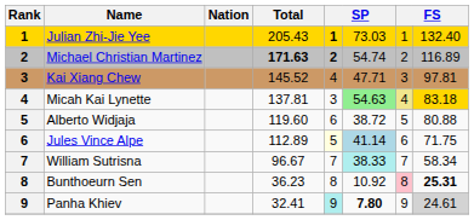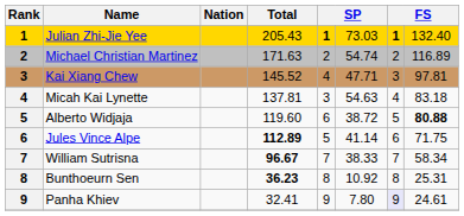 <table class="wikitable sortable">
 <tr>
 <th>Rank</th>
 <th>Name</th>
 <th>Nation</th>
 <th width="80px">Total</th>
 <th colspan="2" width="80px"><a href='#'>SP</a></th>
 <th colspan="2" width="80px"><a href='#'>FS</a></th>
 </tr>
 <tr bgcolor="gold">
 <td align="center"><strong>1</strong></td>
 <td><a href='#'>Julian Zhi-Jie Yee</a></td>
 <td></td>
 <td align="center">205.43</td>
 <td align="center"><strong>1</strong></td>
 <td align="center">73.03</td>
-<td align="center">1</td>
+<td align="center"><strong>1</strong></td>
 <td align="center">132.40</td>
 </tr>
 <tr bgcolor="silver">
 <td align="center"><strong>2</strong></td>
 <td><a href='#'>Michael Christian Martinez</a></td>
 <td></td>
-<td align="center"><strong>171.63</strong></td>
-<td align="center"><strong>2</strong></td>
+<td align="center">171.63</td>
+<td align="center">2</td>
 <td align="center">54.74</td>
 <td align="center">2</td>
 <td align="center">116.89</td>
 </tr>
 <tr bgcolor="cc9966">
 <td align="center"><strong>3</strong></td>
 <td><a href='#'>Kai Xiang Chew</a></td>
 <td></td>
 <td align="center">145.52</td>
 <td align="center">4</td>
 <td align="center">47.71</td>
 <td align="center">3</td>
 <td align="center">97.81</td>
 </tr>
 <tr>
 <th>4</th>
 <td>Micah Kai Lynette</td>
 <td></td>
 <td align="center">137.81</td>
 <td align="center">3</td>
-<td align="center" style="background: lightgreen;">54.63</td>
-<td align="center" style="background: khaki;">4</td>
-<td align="center" style="background: gold;">83.18</td>
+<td align="center">54.63</td>
+<td align="center">4</td>
+<td align="center">83.18</td>
 </tr>
 <tr>
 <th>5</th>
 <td>Alberto Widjaja</td>
 <td></td>
 <td align="center">119.60</td>
 <td align="center">6</td>
 <td align="center">38.72</td>
 <td align="center">5</td>
-<td align="center">80.88</td>
+<td align="center"><strong>80.88</strong></td>
 </tr>
 <tr>
 <th>6</th>
 <td><a href='#'>Jules Vince Alpe</a></td>
 <td></td>
-<td align="center">112.89</td>
-<td align="center" style="background: lightyellow;">5</td>
-<td align="center" style="background: lightblue;">41.14</td>
+<td align="center"><strong>112.89</strong></td>
+<td align="center">5</td>
+<td align="center">41.14</td>
 <td align="center">6</td>
 <td align="center">71.75</td>
 </tr>
 <tr>
 <th>7</th>
 <td>William Sutrisna</td>
 <td></td>
-<td align="center">96.67</td>
+<td align="center"><strong>96.67</strong></td>
 <td align="center">7</td>
-<td align="center" style="background: paleturquoise;">38.33</td>
+<td align="center">38.33</td>
 <td align="center">7</td>
 <td align="center">58.34</td>
 </tr>
 <tr>
 <th>8</th>
 <td>Bunthoeurn Sen</td>
 <td></td>
-<td align="center">36.23</td>
+<td align="center"><strong>36.23</strong></td>
 <td align="center">8</td>
 <td align="center">10.92</td>
-<td align="center" style="background: pink;">8</td>
-<td align="center"><strong>25.31</strong></td>
+<td align="center">8</td>
+<td align="center">25.31</td>
 </tr>
 <tr>
 <th>9</th>
 <td>Panha Khiev</td>
 <td></td>
 <td align="center">32.41</td>
-<td align="center" style="background: paleturquoise;">9</td>
-<td align="center"><strong>7.80</strong></td>
 <td align="center">9</td>
-<td align="center" style="background: lightgrey;">24.61</td>
+<td align="center">7.80</td>
+<td align="center" style="background: lavender;">9</td>
+<td align="center">24.61</td>
 </tr>
 <tr>
 </tr>
 </table>
